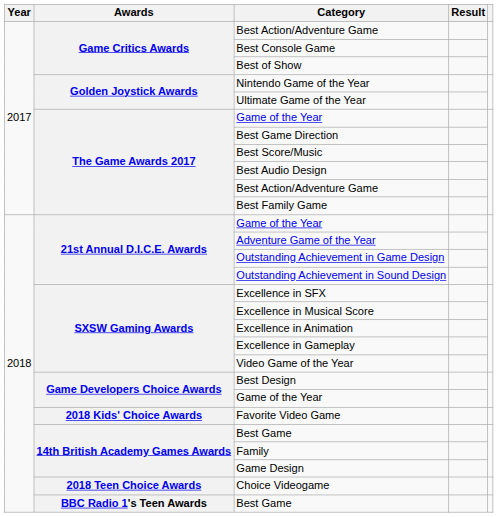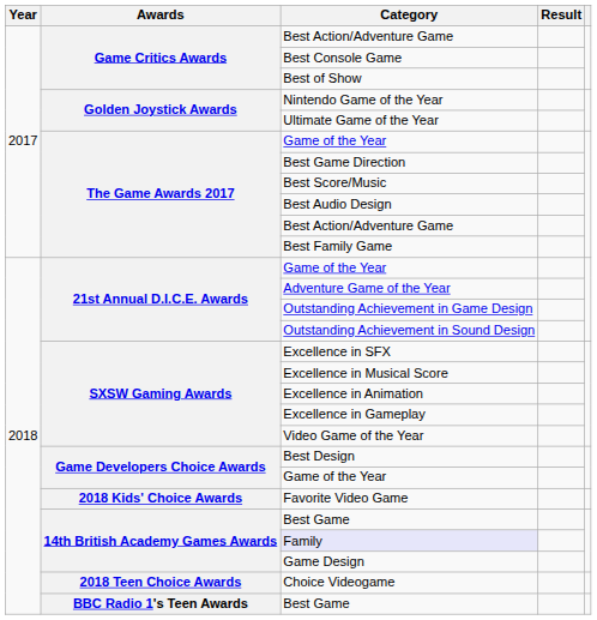 <table class="wikitable sortable plainrowheaders">
 <tr>
 <th scope="col">Year</th>
 <th scope="col">Awards</th>
 <th scope="col">Category</th>
 <th scope="col">Result</th>
 <th scope="col" class="unsortable"></th>
 </tr>
 <tr>
 <td rowspan="11">2017</td>
 <th scope="row" rowspan="3"><a href='#'>Game Critics Awards</a></th>
 <td>Best Action/Adventure Game</td>
 <td></td>
 <td rowspan="3" style="text-align:center;"></td>
 </tr>
 <tr>
 <td>Best Console Game</td>
 <td></td>
 </tr>
 <tr>
 <td>Best of Show</td>
 <td></td>
 </tr>
 <tr>
 <th scope="row" rowspan="2"><a href='#'>Golden Joystick Awards</a></th>
 <td>Nintendo Game of the Year</td>
 <td></td>
 <td rowspan="2" style="text-align:center;"></td>
 </tr>
 <tr>
 <td>Ultimate Game of the Year</td>
 <td></td>
 </tr>
 <tr>
 <th scope="row" rowspan="6"><a href='#'>The Game Awards 2017</a></th>
 <td><a href='#'>Game of the Year</a></td>
 <td></td>
 <td rowspan="6" style="text-align:center;"></td>
 </tr>
 <tr>
 <td>Best Game Direction</td>
 <td></td>
 </tr>
 <tr>
 <td>Best Score/Music</td>
 <td></td>
 </tr>
 <tr>
 <td>Best Audio Design</td>
 <td></td>
 </tr>
 <tr>
 <td>Best Action/Adventure Game</td>
 <td></td>
 </tr>
 <tr>
 <td>Best Family Game</td>
 <td></td>
 </tr>
 <tr>
 <td rowspan="17">2018</td>
 <th rowspan="4" scope="row"><a href='#'>21st Annual D.I.C.E. Awards</a></th>
 <td><a href='#'>Game of the Year</a></td>
 <td></td>
 <td rowspan="4" style="text-align:center;"></td>
 </tr>
 <tr>
 <td><a href='#'>Adventure Game of the Year</a></td>
 <td></td>
 </tr>
 <tr>
 <td><a href='#'>Outstanding Achievement in Game Design</a></td>
 <td></td>
 </tr>
 <tr>
 <td><a href='#'>Outstanding Achievement in Sound Design</a></td>
 <td></td>
 </tr>
 <tr>
 <th scope="row" rowspan="5"><a href='#'>SXSW Gaming Awards</a></th>
 <td>Excellence in SFX</td>
 <td></td>
 <td rowspan="5" style="text-align:center;"></td>
 </tr>
 <tr>
 <td>Excellence in Musical Score</td>
 <td></td>
 </tr>
 <tr>
 <td>Excellence in Animation</td>
 <td></td>
 </tr>
 <tr>
 <td>Excellence in Gameplay</td>
 <td></td>
 </tr>
 <tr>
 <td>Video Game of the Year</td>
 <td></td>
 </tr>
 <tr>
 <th scope="row" rowspan="2"><a href='#'>Game Developers Choice Awards</a></th>
 <td>Best Design</td>
 <td></td>
 <td rowspan="2" style="text-align:center;"></td>
 </tr>
 <tr>
 <td>Game of the Year</td>
 <td></td>
 </tr>
 <tr>
 <th scope="row" rowspan="1"><a href='#'>2018 Kids' Choice Awards</a></th>
 <td>Favorite Video Game</td>
 <td></td>
 <td rowspan="1" style="text-align:center;"></td>
 </tr>
 <tr>
 <th scope="row" rowspan="3"><a href='#'>14th British Academy Games Awards</a></th>
 <td>Best Game</td>
 <td></td>
 <td rowspan="3" style="text-align:center;"></td>
 </tr>
 <tr>
-<td>Family</td>
+<td style="background: lavender;">Family</td>
 <td></td>
 </tr>
 <tr>
 <td>Game Design</td>
 <td></td>
 </tr>
 <tr>
 <th scope="row" rowspan="1"><a href='#'>2018 Teen Choice Awards</a></th>
 <td>Choice Videogame</td>
 <td></td>
 <td rowspan="1" style="text-align:center;"></td>
 </tr>
 <tr>
 <th scope="row" rowspan="1"><a href='#'>BBC Radio 1</a>'s Teen Awards</th>
 <td>Best Game</td>
 <td></td>
 <td rowspan="1" style="text-align:center;"></td>
 </tr>
 </table>
